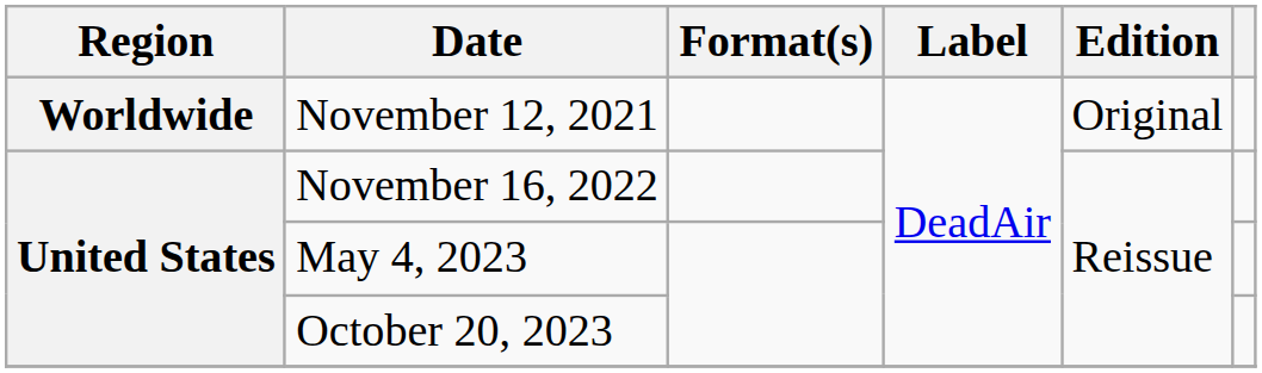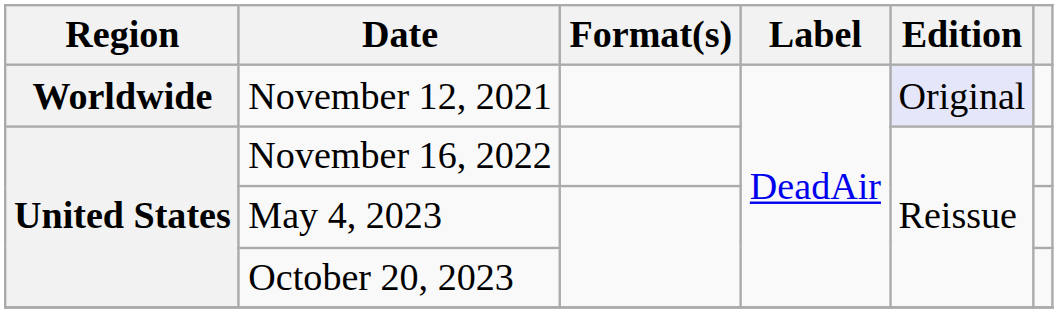 <table class="wikitable plainrowheaders">
 <tr>
 <th scope="col">Region</th>
 <th scope="col">Date</th>
 <th scope="col">Format(s)</th>
 <th scope="col">Label</th>
 <th scope="col">Edition</th>
 <th scope="col"></th>
 </tr>
 <tr>
 <th rowspan="1" scope="row">Worldwide</th>
 <td>November 12, 2021</td>
 <td></td>
 <td rowspan="4"><a href='#'>DeadAir</a></td>
-<td>Original</td>
+<td style="background: lavender;">Original</td>
 <td align="center"></td>
 </tr>
 <tr>
 <th rowspan="3" scope="row">United States</th>
 <td>November 16, 2022</td>
 <td></td>
 <td rowspan="3">Reissue</td>
 <td align="center"></td>
 </tr>
 <tr>
 <td>May 4, 2023</td>
 <td rowspan="2"></td>
 <td align="center"></td>
 </tr>
 <tr>
 <td>October 20, 2023</td>
 <td align="center"></td>
 </tr>
 <tr>
 </tr>
 </table>
